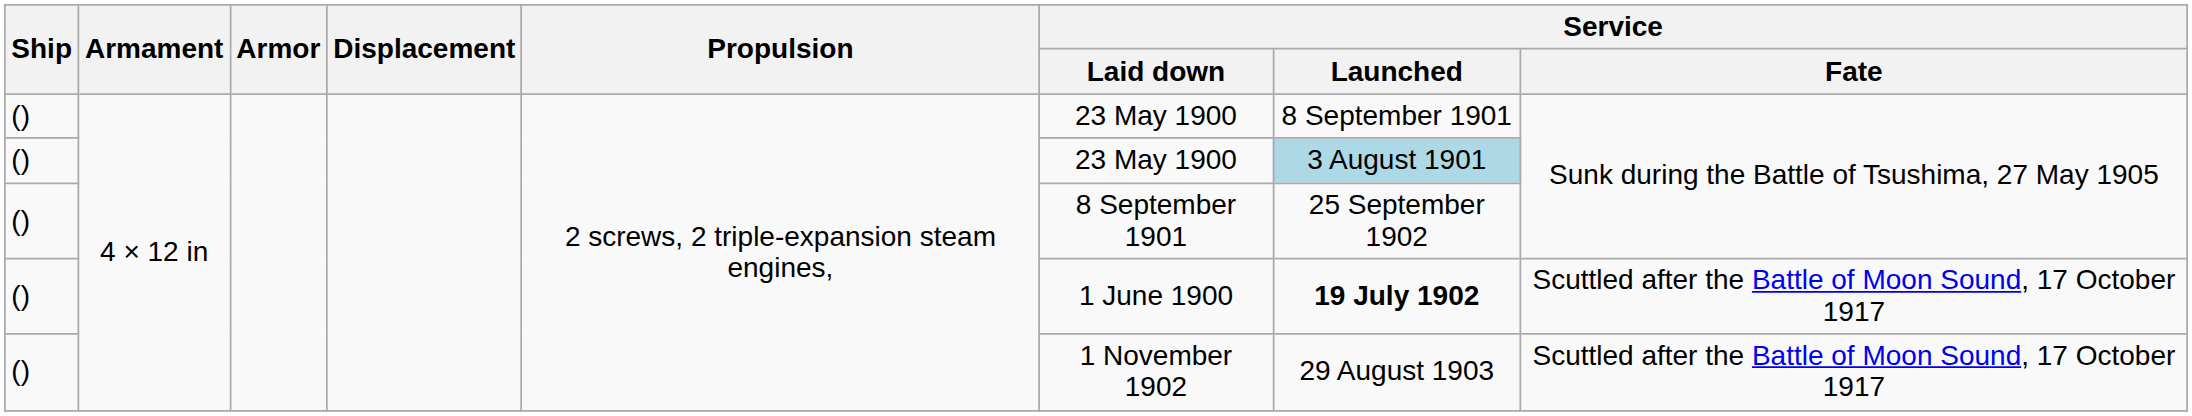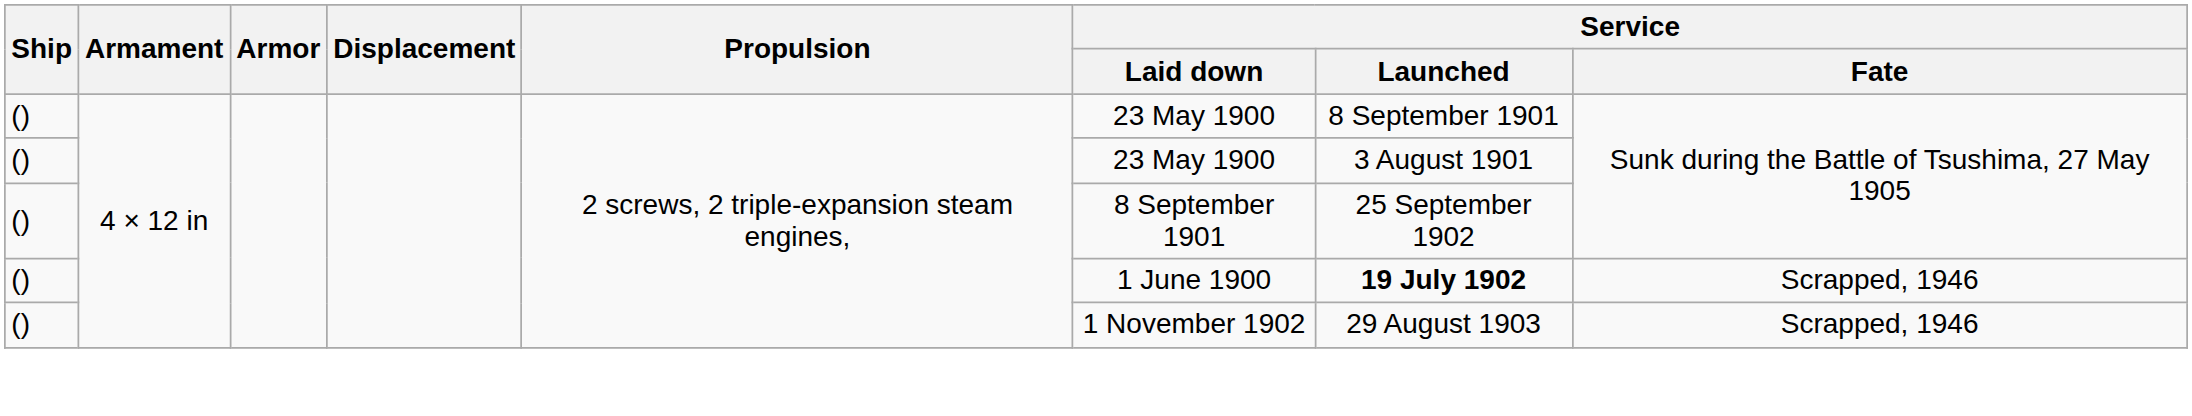 <table class="wikitable">
 <tr valign="center">
 <th align= center rowspan=2>Ship</th>
 <th align= center rowspan=2>Armament</th>
 <th align= center rowspan=2>Armor</th>
 <th align= center rowspan=2>Displacement</th>
 <th align= center rowspan=2>Propulsion</th>
 <th align= center colspan=3>Service</th>
 </tr>
 <tr valign="top">
 <th align= center>Laid down</th>
 <th align= center>Launched</th>
 <th align= center>Fate</th>
 </tr>
 <tr valign="center">
 <td align= left> ()</td>
 <td align= center rowspan=5>4 × 12 in</td>
 <td align= center rowspan=5></td>
 <td align= center rowspan=5></td>
 <td align= center rowspan=5>2 screws, 2 triple-expansion steam engines, </td>
 <td align= center>23 May 1900</td>
 <td align= center>8 September 1901</td>
 <td align= center rowspan=3>Sunk during the Battle of Tsushima, 27 May 1905</td>
 </tr>
 <tr valign="center">
 <td align= left> ()</td>
 <td align= center>23 May 1900</td>
-<td align= center style="background: lightblue;">3 August 1901</td>
+<td align= center>3 August 1901</td>
 </tr>
 <tr valign="center">
 <td align= left> ()</td>
 <td align= center>8 September 1901</td>
 <td align= center>25 September 1902</td>
 </tr>
 <tr valign="center">
 <td align= left> ()</td>
 <td align= center>1 June 1900</td>
 <td align= center><strong>19 July 1902</strong></td>
-<td align= center>Scuttled after the <a href='#'>Battle of Moon Sound</a>, 17 October 1917</td>
+<td align= center>Scrapped, 1946</td>
 </tr>
 <tr valign="center">
 <td align= left> ()</td>
 <td align= center>1 November 1902</td>
 <td align= center>29 August 1903</td>
-<td align= center>Scuttled after the <a href='#'>Battle of Moon Sound</a>, 17 October 1917</td>
+<td align= center>Scrapped, 1946</td>
 </tr>
 </table>
